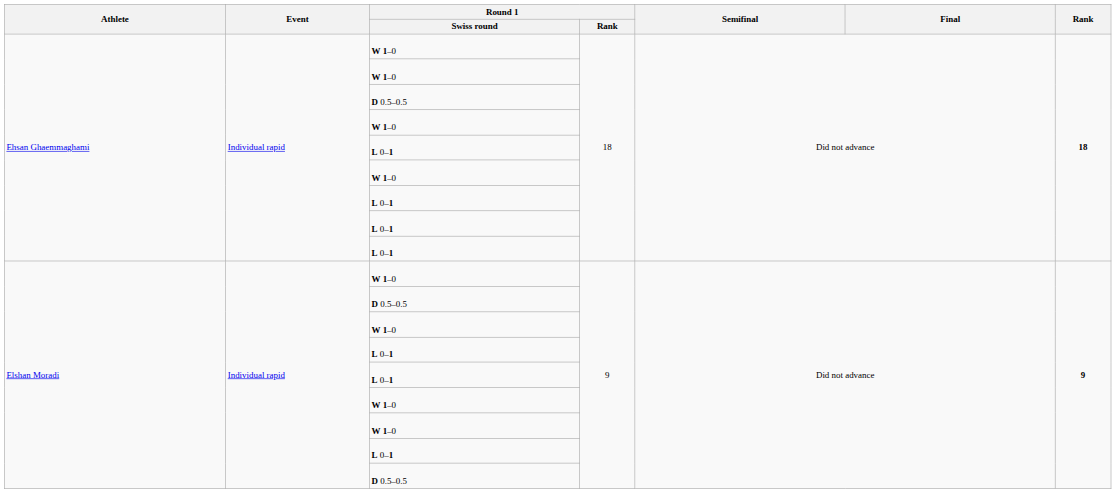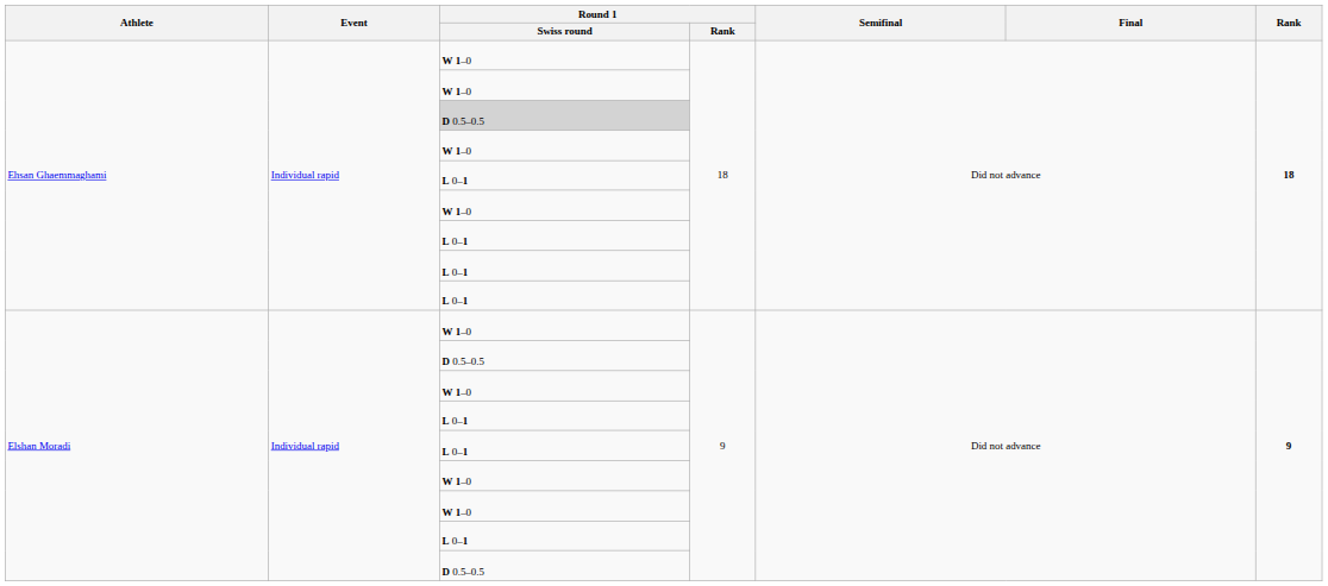 <table class="wikitable" width="90%" style="text-align:left; font-size:90%">
 <tr>
 <th rowspan="2" width="20%">Athlete</th>
 <th rowspan="2" width="13%">Event</th>
 <th colspan="2">Round 1</th>
 <th rowspan="2" width="19%">Semifinal</th>
 <th rowspan="2" width="19%">Final</th>
 <th rowspan="2" width="5%">Rank</th>
 </tr>
 <tr>
 <th width="19%">Swiss round</th>
 <th width="5%">Rank</th>
 </tr>
 <tr>
 <td rowspan="9"><a href='#'>Ehsan Ghaemmaghami</a></td>
 <td rowspan="9"><a href='#'>Individual rapid</a></td>
 <td><br><strong>W</strong> <strong>1</strong>–0</td>
 <td rowspan="9" align=center>18</td>
 <td rowspan="9" colspan=2 align=center>Did not advance</td>
 <td rowspan="9" align="center"><strong>18</strong></td>
 </tr>
 <tr>
 <td><br><strong>W</strong> <strong>1</strong>–0</td>
 </tr>
 <tr>
-<td><br><strong>D</strong> 0.5–0.5</td>
+<td style="background: lightgrey;"><br><strong>D</strong> 0.5–0.5</td>
 </tr>
 <tr>
 <td><br><strong>W</strong> <strong>1</strong>–0</td>
 </tr>
 <tr>
 <td><br><strong>L</strong> 0–<strong>1</strong></td>
 </tr>
 <tr>
 <td><br><strong>W</strong> <strong>1</strong>–0</td>
 </tr>
 <tr>
 <td><br><strong>L</strong> 0–<strong>1</strong></td>
 </tr>
 <tr>
 <td><br><strong>L</strong> 0–<strong>1</strong></td>
 </tr>
 <tr>
 <td><br><strong>L</strong> 0–<strong>1</strong></td>
 </tr>
 <tr>
 <td rowspan="9"><a href='#'>Elshan Moradi</a></td>
 <td rowspan="9"><a href='#'>Individual rapid</a></td>
 <td><br><strong>W</strong> <strong>1</strong>–0</td>
 <td rowspan="9" align=center>9</td>
 <td rowspan="9" colspan=2 align=center>Did not advance</td>
 <td rowspan="9" align="center"><strong>9</strong></td>
 </tr>
 <tr>
 <td><br><strong>D</strong> 0.5–0.5</td>
 </tr>
 <tr>
 <td><br><strong>W</strong> <strong>1</strong>–0</td>
 </tr>
 <tr>
 <td><br><strong>L</strong> 0–<strong>1</strong></td>
 </tr>
 <tr>
 <td><br><strong>L</strong> 0–<strong>1</strong></td>
 </tr>
 <tr>
 <td><br><strong>W</strong> <strong>1</strong>–0</td>
 </tr>
 <tr>
 <td><br><strong>W</strong> <strong>1</strong>–0</td>
 </tr>
 <tr>
 <td><br><strong>L</strong> 0–<strong>1</strong></td>
 </tr>
 <tr>
 <td><br><strong>D</strong> 0.5–0.5</td>
 </tr>
 </table>
